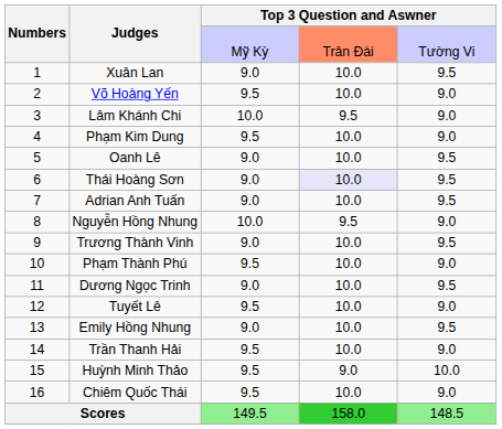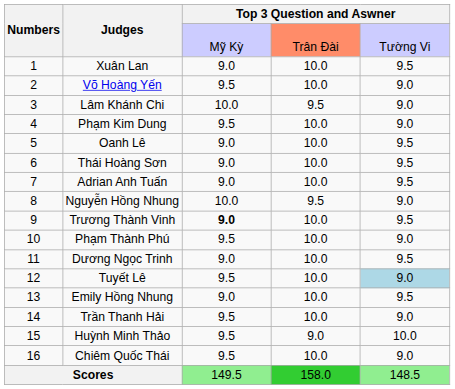 <table class="wikitable" style="text-align:center">
 <tr>
 <th rowspan="2">Numbers</th>
 <th rowspan="2">Judges</th>
 <th colspan="3">Top 3 Question and Aswner</th>
 </tr>
 <tr>
 <td style=" width:110px;background:#CCCCFF;"><br>Mỹ Kỳ</td>
 <td style=" width:110px;background:#FF8C69;"><br>Trân Đài</td>
 <td style=" width:110px;background:#CCCCFF;"><br>Tường Vi</td>
 </tr>
 <tr>
 <td>1</td>
 <td>Xuân Lan</td>
 <td>9.0</td>
 <td>10.0</td>
 <td>9.5</td>
 </tr>
 <tr>
 <td>2</td>
 <td><a href='#'>Võ Hoàng Yến</a></td>
 <td>9.5</td>
 <td>10.0</td>
 <td>9.0</td>
 </tr>
 <tr>
 <td>3</td>
 <td>Lâm Khánh Chi</td>
 <td>10.0</td>
 <td>9.5</td>
 <td>9.0</td>
 </tr>
 <tr>
 <td>4</td>
 <td>Phạm Kim Dung</td>
 <td>9.5</td>
 <td>10.0</td>
 <td>9.0</td>
 </tr>
 <tr>
 <td>5</td>
 <td>Oanh Lê</td>
 <td>9.0</td>
 <td>10.0</td>
 <td>9.5</td>
 </tr>
 <tr>
 <td>6</td>
 <td>Thái Hoàng Sơn</td>
 <td>9.0</td>
-<td style="background: lavender;">10.0</td>
+<td>10.0</td>
 <td>9.5</td>
 </tr>
 <tr>
 <td>7</td>
 <td>Adrian Anh Tuấn</td>
 <td>9.0</td>
 <td>10.0</td>
 <td>9.5</td>
 </tr>
 <tr>
 <td>8</td>
 <td>Nguyễn Hồng Nhung</td>
 <td>10.0</td>
 <td>9.5</td>
 <td>9.0</td>
 </tr>
 <tr>
 <td>9</td>
 <td>Trương Thành Vinh</td>
-<td>9.0</td>
+<td><strong>9.0</strong></td>
 <td>10.0</td>
 <td>9.5</td>
 </tr>
 <tr>
 <td>10</td>
 <td>Phạm Thành Phú</td>
 <td>9.5</td>
 <td>10.0</td>
 <td>9.0</td>
 </tr>
 <tr>
 <td>11</td>
 <td>Dương Ngọc Trinh</td>
 <td>9.0</td>
 <td>10.0</td>
 <td>9.5</td>
 </tr>
 <tr>
 <td>12</td>
 <td>Tuyết Lê</td>
 <td>9.5</td>
 <td>10.0</td>
-<td>9.0</td>
+<td style="background: lightblue;">9.0</td>
 </tr>
 <tr>
 <td>13</td>
 <td>Emily Hồng Nhung</td>
 <td>9.0</td>
 <td>10.0</td>
 <td>9.5</td>
 </tr>
 <tr>
 <td>14</td>
 <td>Trần Thanh Hải</td>
 <td>9.5</td>
 <td>10.0</td>
 <td>9.0</td>
 </tr>
 <tr>
 <td>15</td>
 <td>Huỳnh Minh Thảo</td>
 <td>9.5</td>
 <td>9.0</td>
 <td>10.0</td>
 </tr>
 <tr>
 <td>16</td>
 <td>Chiêm Quốc Thái</td>
 <td>9.5</td>
 <td>10.0</td>
 <td>9.0</td>
 </tr>
 <tr>
 <th colspan="2">Scores</th>
 <td style="background:lightgreen;">149.5</td>
 <td style="background:limegreen;">158.0</td>
 <td style="background:lightgreen;">148.5</td>
 </tr>
 </table>
